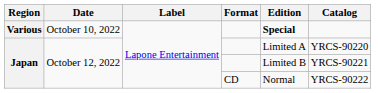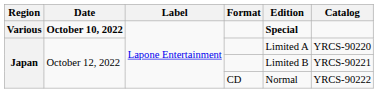 <table class="wikitable plainrowheaders">
 <tr>
 <th>Region</th>
 <th>Date</th>
 <th>Label</th>
 <th>Format</th>
 <th>Edition</th>
 <th>Catalog</th>
 </tr>
 <tr>
 <th scope="row">Various</th>
-<td>October 10, 2022</td>
+<td><strong>October 10, 2022</strong></td>
 <td rowspan="4"><a href='#'>Lapone Entertainment</a></td>
 <td></td>
 <td><strong>Special</strong></td>
 <td></td>
 </tr>
 <tr>
 <th rowspan="3" scope="row">Japan</th>
 <td rowspan="3">October 12, 2022</td>
 <td></td>
 <td>Limited A</td>
 <td>YRCS-90220</td>
 </tr>
 <tr>
 <td></td>
 <td>Limited B</td>
 <td>YRCS-90221</td>
 </tr>
 <tr>
 <td>CD</td>
 <td>Normal</td>
 <td>YRCS-90222</td>
 </tr>
 </table>
